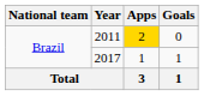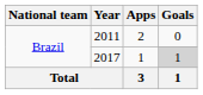 <table class="wikitable" style="text-align:center">
 <tr>
 <th>National team</th>
 <th>Year</th>
 <th>Apps</th>
 <th>Goals</th>
 </tr>
 <tr>
 <td rowspan="2"><a href='#'>Brazil</a></td>
 <td>2011</td>
-<td style="background: gold;">2</td>
+<td>2</td>
 <td>0</td>
 </tr>
 <tr>
 <td>2017</td>
 <td>1</td>
-<td>1</td>
+<td style="background: lightgrey;">1</td>
 </tr>
 <tr>
 <th colspan="2">Total</th>
 <th>3</th>
 <th>1</th>
 </tr>
 </table>
